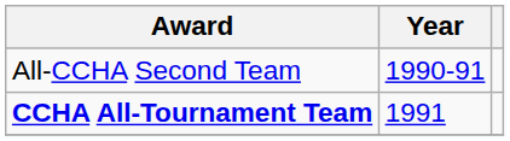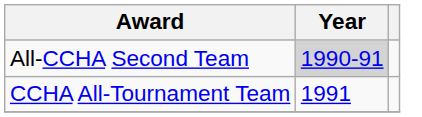 <table class="wikitable">
 <tr>
 <th>Award</th>
 <th>Year</th>
 <th></th>
 </tr>
 <tr>
 <td>All-<a href='#'>CCHA</a> <a href='#'>Second Team</a></td>
-<td><a href='#'>1990-91</a></td>
+<td style="background: lightgrey;"><a href='#'>1990-91</a></td>
 <td></td>
 </tr>
 <tr>
-<td><strong><a href='#'>CCHA</a> <a href='#'>All-Tournament Team</a></strong></td>
+<td><a href='#'>CCHA</a> <a href='#'>All-Tournament Team</a></td>
 <td><a href='#'>1991</a></td>
 <td></td>
 </tr>
 <tr>
 </tr>
 </table>
